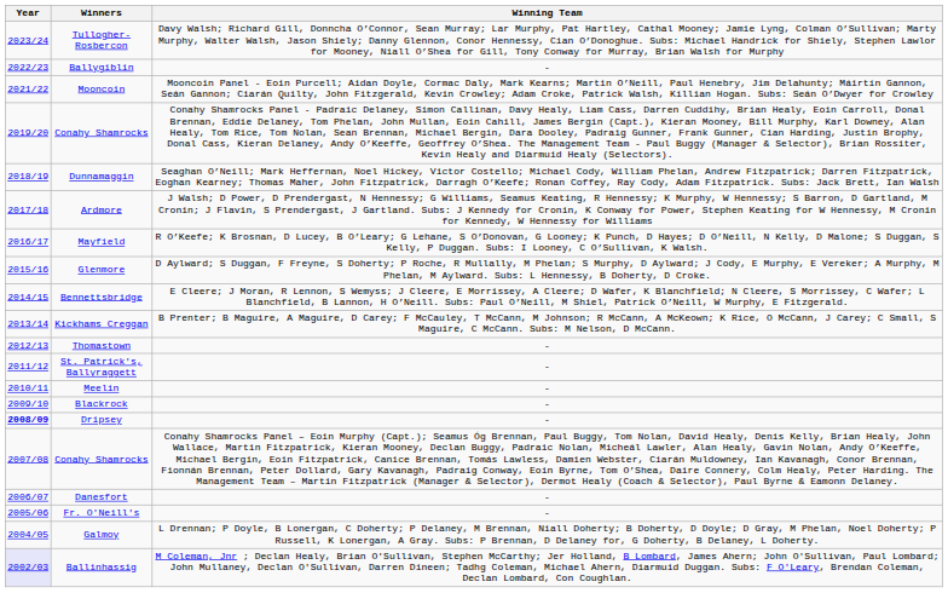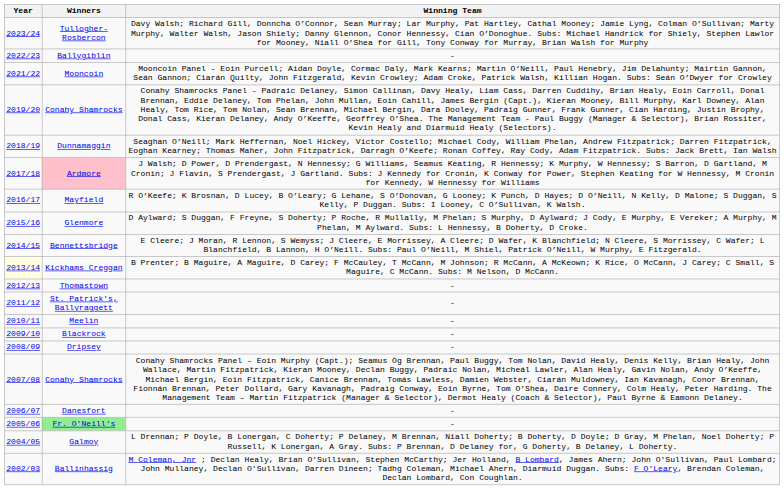 <table class="wikitable" style="text-align:center;">
 <tr>
 <th>Year</th>
 <th>Winners</th>
 <th>Winning Team</th>
 </tr>
 <tr>
 <td><a href='#'>2023/24</a></td>
 <td><a href='#'>Tullogher-Rosbercon</a></td>
 <td>Davy Walsh; Richard Gill, Donncha O’Connor, Sean Murray; Lar Murphy, Pat Hartley, Cathal Mooney; Jamie Lyng, Colman O’Sullivan; Marty Murphy, Walter Walsh, Jason Shiely; Danny Glennon, Conor Hennessy, Cian O’Donoghue. Subs: Michael Handrick for Shiely, Stephen Lawlor for Mooney, Niall O’Shea for Gill, Tony Conway for Murray, Brian Walsh for Murphy</td>
 </tr>
 <tr>
 <td><a href='#'>2022/23</a></td>
 <td><a href='#'>Ballygiblin</a></td>
 <td>-</td>
 </tr>
 <tr>
 <td><a href='#'>2021/22</a></td>
 <td><a href='#'>Mooncoin</a></td>
 <td>Mooncoin Panel - Eoin Purcell; Aidan Doyle, Cormac Daly, Mark Kearns; Martin O’Neill, Paul Henebry, Jim Delahunty; Máirtín Gannon, Seán Gannon; Ciarán Quilty, John Fitzgerald, Kevin Crowley; Adam Croke, Patrick Walsh, Killian Hogan. Subs: Seán O’Dwyer for Crowley</td>
 </tr>
 <tr>
 <td><a href='#'>2019/20</a></td>
 <td><a href='#'>Conahy Shamrocks</a></td>
 <td>Conahy Shamrocks Panel - Padraic Delaney, Simon Callinan, Davy Healy, Liam Cass, Darren Cuddihy, Brian Healy, Eoin Carroll, Donal Brennan, Eddie Delaney, Tom Phelan, John Mullan, Eoin Cahill, James Bergin (Capt.), Kieran Mooney, Bill Murphy, Karl Downey, Alan Healy, Tom Rice, Tom Nolan, Sean Brennan, Michael Bergin, Dara Dooley, Padraig Gunner, Frank Gunner, Cian Harding, Justin Brophy, Donal Cass, Kieran Delaney, Andy O’Keeffe, Geoffrey O’Shea. The Management Team - Paul Buggy (Manager & Selector), Brian Rossiter, Kevin Healy and Diarmuid Healy (Selectors).</td>
 </tr>
 <tr>
 <td><a href='#'>2018/19</a></td>
 <td><a href='#'>Dunnamaggin</a></td>
 <td>Seaghan O’Neill; Mark Heffernan, Noel Hickey, Victor Costello; Michael Cody, William Phelan, Andrew Fitzpatrick; Darren Fitzpatrick, Eoghan Kearney; Thomas Maher, John Fitzpatrick, Darragh O’Keefe; Ronan Coffey, Ray Cody, Adam Fitzpatrick. Subs: Jack Brett, Ian Walsh</td>
 </tr>
 <tr>
 <td><a href='#'>2017/18</a></td>
-<td><a href='#'>Ardmore</a></td>
+<td style="background: pink;"><a href='#'>Ardmore</a></td>
 <td>J Walsh; D Power, D Prendergast, N Hennessy; G Williams, Seamus Keating, R Hennessy; K Murphy, W Hennessy; S Barron, D Gartland, M Cronin; J Flavin, S Prendergast, J Gartland. Subs: J Kennedy for Cronin, K Conway for Power, Stephen Keating for W Hennessy, M Cronin for Kennedy, W Hennessy for Williams</td>
 </tr>
 <tr>
 <td><a href='#'>2016/17</a></td>
 <td><a href='#'>Mayfield</a></td>
 <td>R O’Keefe; K Brosnan, D Lucey, B O’Leary; G Lehane, S O’Donovan, G Looney; K Punch, D Hayes; D O’Neill, N Kelly, D Malone; S Duggan, S Kelly, P Duggan. Subs: I Looney, C O’Sullivan, K Walsh.  </td>
 </tr>
 <tr>
 <td><a href='#'>2015/16</a></td>
 <td><a href='#'>Glenmore</a></td>
 <td>D Aylward; S Duggan, F Freyne, S Doherty; P Roche, R Mullally, M Phelan; S Murphy, D Aylward; J Cody, E Murphy, E Vereker; A Murphy, M Phelan, M Aylward. Subs: L Hennessy, B Doherty, D Croke. </td>
 </tr>
 <tr>
 <td><a href='#'>2014/15</a></td>
 <td><a href='#'>Bennettsbridge</a></td>
 <td>E Cleere; J Moran, R Lennon, S Wemyss; J Cleere, E Morrissey, A Cleere; D Wafer, K Blanchfield; N Cleere, S Morrissey, C Wafer; L Blanchfield, B Lannon, H O’Neill. Subs: Paul O’Neill, M Shiel, Patrick O’Neill, W Murphy, E Fitzgerald. </td>
 </tr>
 <tr>
-<td><a href='#'>2013/14</a></td>
+<td style="background: lightyellow;"><a href='#'>2013/14</a></td>
 <td><a href='#'>Kickhams Creggan</a></td>
 <td>B Prenter; B Maguire, A Maguire, D Carey; F McCauley, T McCann, M Johnson; R McCann, A McKeown; K Rice, O McCann, J Carey; C Small, S Maguire, C McCann. Subs: M Nelson, D McCann.</td>
 </tr>
 <tr>
 <td><a href='#'>2012/13</a></td>
 <td><a href='#'>Thomastown</a></td>
 <td>-</td>
 </tr>
 <tr>
 <td><a href='#'>2011/12</a></td>
 <td><a href='#'>St. Patrick's, Ballyraggett</a></td>
 <td>-</td>
 </tr>
 <tr>
 <td><a href='#'>2010/11</a></td>
 <td><a href='#'>Meelin</a></td>
 <td>-</td>
 </tr>
 <tr>
 <td><a href='#'>2009/10</a></td>
 <td><a href='#'>Blackrock</a></td>
 <td>-</td>
 </tr>
 <tr>
-<td><strong><a href='#'>2008/09</a></strong></td>
+<td><a href='#'>2008/09</a></td>
 <td><a href='#'>Dripsey</a></td>
 <td>-</td>
 </tr>
 <tr>
 <td><a href='#'>2007/08</a></td>
 <td><a href='#'>Conahy Shamrocks</a></td>
 <td>Conahy Shamrocks Panel – Eoin Murphy (Capt.); Seamus Óg Brennan, Paul Buggy, Tom Nolan, David Healy, Denis Kelly, Brian Healy, John Wallace, Martin Fitzpatrick, Kieran Mooney, Declan Buggy, Padraic Nolan, Micheál Lawler, Alan Healy, Gavin Nolan, Andy O’Keeffe, Michael Bergin, Eoin Fitzpatrick, Canice Brennan, Tomás Lawless, Damien Webster, Ciarán Muldowney, Ian Kavanagh, Conor Brennan, Fionnán Brennan, Peter Dollard, Gary Kavanagh, Padraig Conway, Eoin Byrne, Tom O’Shea, Daire Connery, Colm Healy, Peter Harding. The Management Team – Martin Fitzpatrick (Manager & Selector), Dermot Healy (Coach & Selector), Paul Byrne & Eamonn Delaney.</td>
 </tr>
 <tr>
 <td><a href='#'>2006/07</a></td>
 <td><a href='#'>Danesfort</a></td>
 <td>-</td>
 </tr>
 <tr>
 <td><a href='#'>2005/06</a></td>
-<td><a href='#'>Fr. O'Neill's</a></td>
+<td style="background: lightgreen;"><a href='#'>Fr. O'Neill's</a></td>
 <td>-</td>
 </tr>
 <tr>
 <td><a href='#'>2004/05</a></td>
 <td><a href='#'>Galmoy</a></td>
 <td>L Drennan; P Doyle, B Lonergan, C Doherty; P Delaney, M Brennan, Niall Doherty; B Doherty, D Doyle; D Gray, M Phelan, Noel Doherty; P Russell, K Lonergan, A Gray. Subs: P Brennan, D Delaney for, G Doherty, B Delaney, L Doherty.</td>
 </tr>
 <tr>
-<td style="background: lavender;"><a href='#'>2002/03</a></td>
+<td><a href='#'>2002/03</a></td>
 <td><a href='#'>Ballinhassig</a></td>
 <td><a href='#'>M Coleman, Jnr</a> ; Declan Healy, Brian O'Sullivan, Stephen McCarthy; Jer Holland, <a href='#'>B Lombard</a>, James Ahern; John O'Sullivan, Paul Lombard; John Mullaney, Declan O'Sullivan, Darren Dineen; Tadhg  Coleman, Michael Ahern, Diarmuid  Duggan. Subs: <a href='#'>F O'Leary</a>, Brendan Coleman, Declan Lombard, Con Coughlan.</td>
 </tr>
 </table>
